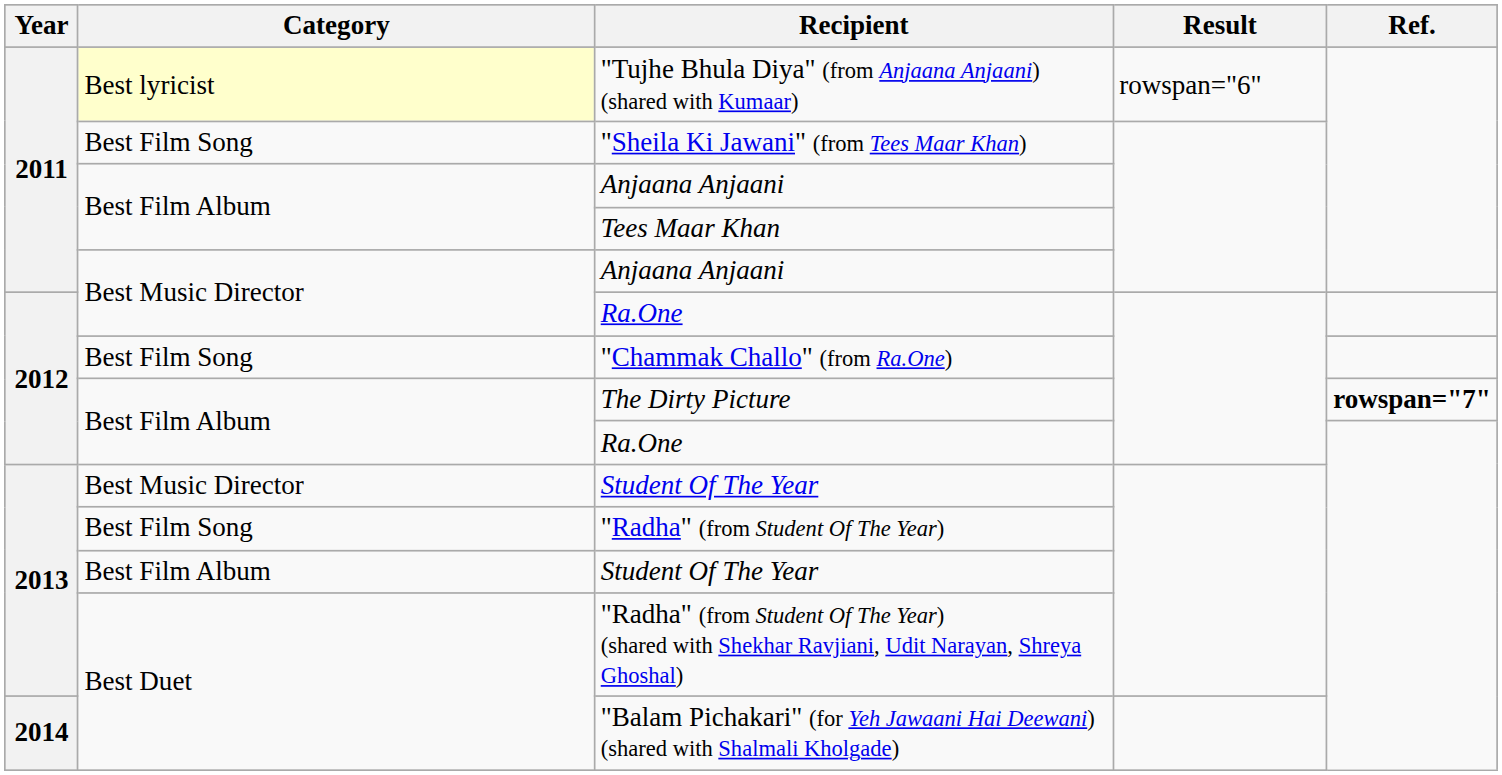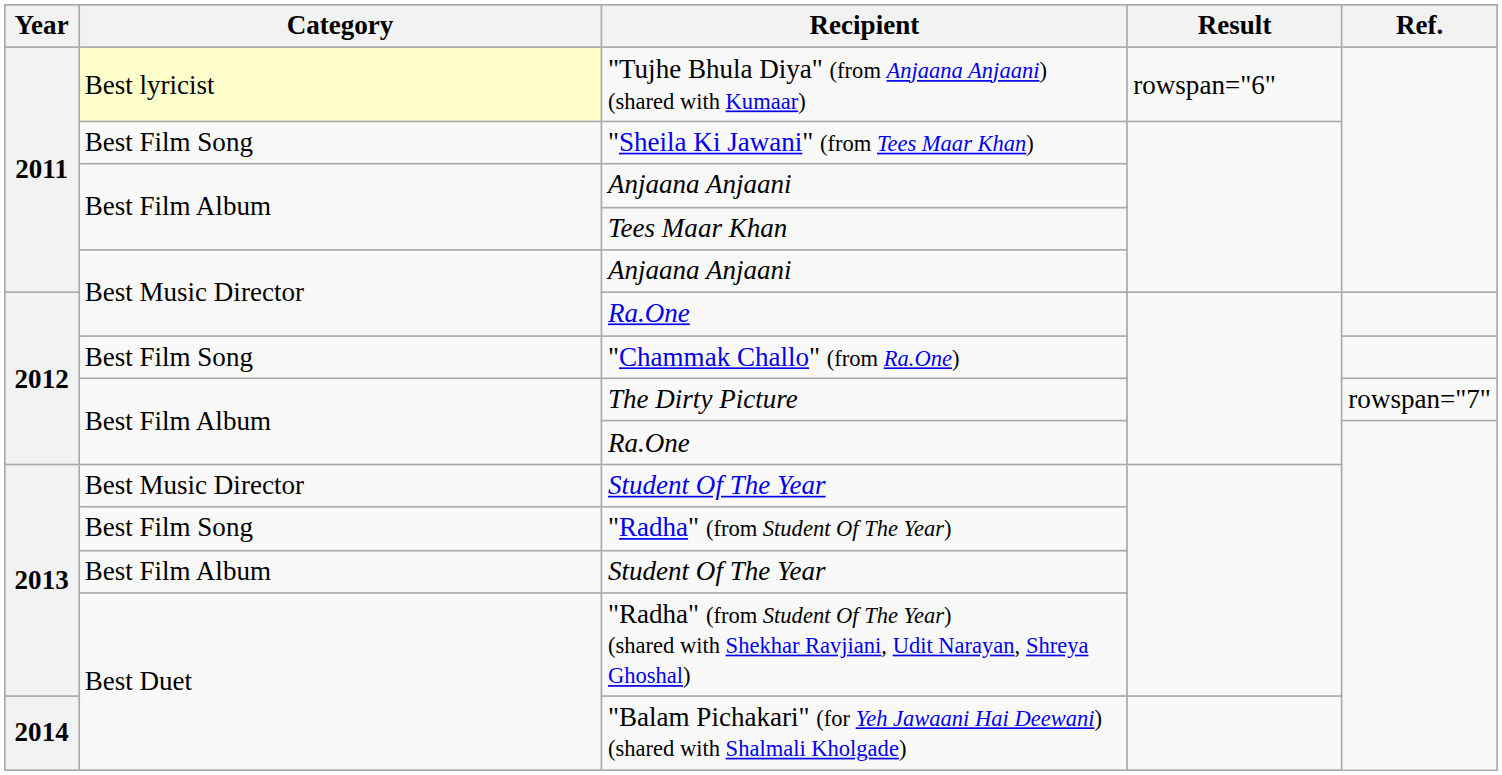 <table class="wikitable plainrowheaders" width="100%" "textcolor:#000;">
 <tr>
 <th scope="col" width=5%>Year</th>
 <th scope="col" width=39%>Category</th>
 <th scope="col" width=39%>Recipient</th>
 <th scope="col" width=15%>Result</th>
 <th scope="col" width=2%>Ref.</th>
 </tr>
 <tr>
 <th scope="row" rowspan="5">2011</th>
 <td style="background:#FFFFCC;">Best lyricist</td>
 <td>"Tujhe Bhula Diya" <small>(from <em><a href='#'>Anjaana Anjaani</a></em>)</small><br><small>(shared with <a href='#'>Kumaar</a>)</small></td>
 <td>rowspan="6" </td>
 <td rowspan="5"></td>
 </tr>
 <tr>
 <td>Best Film Song</td>
 <td>"<a href='#'>Sheila Ki Jawani</a>" <small>(from <em><a href='#'>Tees Maar Khan</a></em>)</small></td>
 </tr>
 <tr>
 <td rowspan="2">Best Film Album</td>
 <td><em>Anjaana Anjaani</em></td>
 </tr>
 <tr>
 <td><em>Tees Maar Khan</em></td>
 </tr>
 <tr>
 <td rowspan="2">Best Music Director</td>
 <td><em>Anjaana Anjaani</em></td>
 </tr>
 <tr>
 <th scope="row" rowspan="4">2012</th>
 <td><em><a href='#'>Ra.One</a></em></td>
 <td rowspan="4"></td>
 </tr>
 <tr>
 <td>Best Film Song</td>
 <td>"<a href='#'>Chammak Challo</a>" <small>(from <em><a href='#'>Ra.One</a></em>)</small></td>
 <td></td>
 </tr>
 <tr>
 <td rowspan="2">Best Film Album</td>
 <td><em>The Dirty Picture</em></td>
-<td><strong>rowspan="7" </strong></td>
+<td>rowspan="7" </td>
 </tr>
 <tr>
 <td><em>Ra.One</em></td>
 </tr>
 <tr>
 <th scope="row" rowspan="4">2013</th>
 <td>Best Music Director</td>
 <td><em><a href='#'>Student Of The Year</a></em></td>
 <td rowspan="4"></td>
 </tr>
 <tr>
 <td>Best Film Song</td>
 <td>"<a href='#'>Radha</a>" <small>(from <em>Student Of The Year</em>)</small></td>
 </tr>
 <tr>
 <td>Best Film Album</td>
 <td><em>Student Of The Year</em></td>
 </tr>
 <tr>
 <td rowspan="2">Best Duet</td>
 <td>"Radha" <small>(from <em>Student Of The Year</em>)</small><br><small>(shared with <a href='#'>Shekhar Ravjiani</a>, <a href='#'>Udit Narayan</a>, <a href='#'>Shreya Ghoshal</a>)</small></td>
 </tr>
 <tr>
 <th scope="row">2014</th>
 <td>"Balam Pichakari" <small>(for <em><a href='#'>Yeh Jawaani Hai Deewani</a></em>)</small><br><small>(shared with <a href='#'>Shalmali Kholgade</a>)</small></td>
 <td></td>
 </tr>
 <tr>
 </tr>
 </table>
